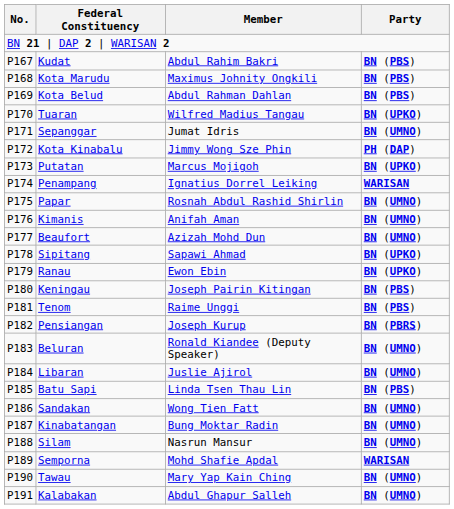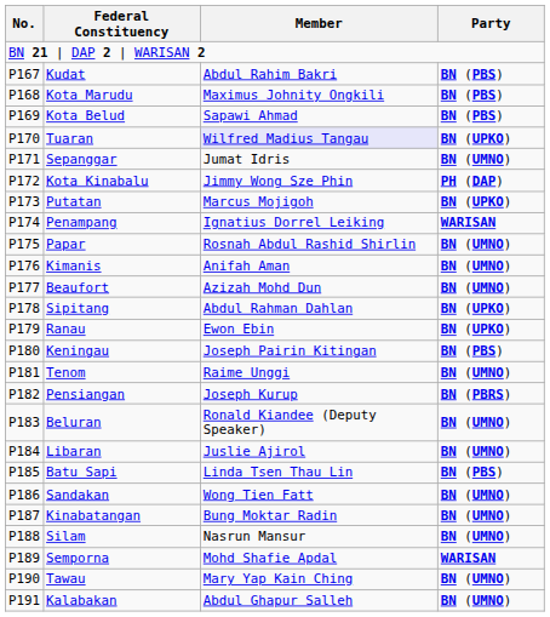 <table class ="wikitable sortable">
 <tr>
 <th style="width:30px;">No.</th>
 <th style="width:150px;">Federal Constituency</th>
 <th style="width:230px;">Member</th>
 <th style="width:100px;">Party</th>
 </tr>
 <tr>
 <td colspan="4"><a href='#'>BN</a> <strong>21</strong> | <a href='#'>DAP</a> <strong>2</strong> | <a href='#'>WARISAN</a> <strong>2</strong></td>
 </tr>
 <tr>
 <td>P167</td>
 <td><a href='#'>Kudat</a></td>
 <td><a href='#'>Abdul Rahim Bakri</a></td>
 <td><strong><a href='#'>BN</a></strong> (<strong><a href='#'>PBS</a></strong>)</td>
 </tr>
 <tr>
 <td>P168</td>
 <td><a href='#'>Kota Marudu</a></td>
 <td><a href='#'>Maximus Johnity Ongkili</a></td>
 <td><strong><a href='#'>BN</a></strong> (<strong><a href='#'>PBS</a></strong>)</td>
 </tr>
 <tr>
 <td>P169</td>
 <td><a href='#'>Kota Belud</a></td>
-<td><a href='#'>Abdul Rahman Dahlan</a></td>
+<td><a href='#'>Sapawi Ahmad</a></td>
 <td><strong><a href='#'>BN</a></strong> (<strong><a href='#'>PBS</a></strong>)</td>
 </tr>
 <tr>
 <td>P170</td>
 <td><a href='#'>Tuaran</a></td>
-<td><a href='#'>Wilfred Madius Tangau</a></td>
+<td style="background: lavender;"><a href='#'>Wilfred Madius Tangau</a></td>
 <td><strong><a href='#'>BN</a></strong> (<strong><a href='#'>UPKO</a></strong>)</td>
 </tr>
 <tr>
 <td>P171</td>
 <td><a href='#'>Sepanggar</a></td>
 <td>Jumat Idris</td>
 <td><strong><a href='#'>BN</a></strong> (<strong><a href='#'>UMNO</a></strong>)</td>
 </tr>
 <tr>
 <td>P172</td>
 <td><a href='#'>Kota Kinabalu</a></td>
 <td><a href='#'>Jimmy Wong Sze Phin</a></td>
 <td><strong><a href='#'>PH</a></strong> (<strong><a href='#'>DAP</a></strong>)</td>
 </tr>
 <tr>
 <td>P173</td>
 <td><a href='#'>Putatan</a></td>
 <td><a href='#'>Marcus Mojigoh</a></td>
 <td><strong><a href='#'>BN</a></strong> (<strong><a href='#'>UPKO</a></strong>)</td>
 </tr>
 <tr>
 <td>P174</td>
 <td><a href='#'>Penampang</a></td>
 <td><a href='#'>Ignatius Dorrel Leiking</a></td>
 <td><strong><a href='#'>WARISAN</a></strong></td>
 </tr>
 <tr>
 <td>P175</td>
 <td><a href='#'>Papar</a></td>
 <td><a href='#'>Rosnah Abdul Rashid Shirlin</a></td>
 <td><strong><a href='#'>BN</a></strong> (<strong><a href='#'>UMNO</a></strong>)</td>
 </tr>
 <tr>
 <td>P176</td>
 <td><a href='#'>Kimanis</a></td>
 <td><a href='#'>Anifah Aman</a></td>
 <td><strong><a href='#'>BN</a></strong> (<strong><a href='#'>UMNO</a></strong>)</td>
 </tr>
 <tr>
 <td>P177</td>
 <td><a href='#'>Beaufort</a></td>
 <td><a href='#'>Azizah Mohd Dun</a></td>
 <td><strong><a href='#'>BN</a></strong> (<strong><a href='#'>UMNO</a></strong>)</td>
 </tr>
 <tr>
 <td>P178</td>
 <td><a href='#'>Sipitang</a></td>
-<td><a href='#'>Sapawi Ahmad</a></td>
+<td><a href='#'>Abdul Rahman Dahlan</a></td>
 <td><strong><a href='#'>BN</a></strong> (<strong><a href='#'>UPKO</a></strong>)</td>
 </tr>
 <tr>
 <td>P179</td>
 <td><a href='#'>Ranau</a></td>
 <td><a href='#'>Ewon Ebin</a></td>
 <td><strong><a href='#'>BN</a></strong> (<strong><a href='#'>UPKO</a></strong>)</td>
 </tr>
 <tr>
 <td>P180</td>
 <td><a href='#'>Keningau</a></td>
 <td><a href='#'>Joseph Pairin Kitingan</a></td>
 <td><strong><a href='#'>BN</a></strong> (<strong><a href='#'>PBS</a></strong>)</td>
 </tr>
 <tr>
 <td>P181</td>
 <td><a href='#'>Tenom</a></td>
 <td><a href='#'>Raime Unggi</a></td>
-<td><strong><a href='#'>BN</a></strong> (<strong><a href='#'>PBS</a></strong>)</td>
+<td><strong><a href='#'>BN</a></strong> (<strong><a href='#'>UMNO</a></strong>)</td>
 </tr>
 <tr>
 <td>P182</td>
 <td><a href='#'>Pensiangan</a></td>
 <td><a href='#'>Joseph Kurup</a></td>
 <td><strong><a href='#'>BN</a></strong> (<strong><a href='#'>PBRS</a></strong>)</td>
 </tr>
 <tr>
 <td>P183</td>
 <td><a href='#'>Beluran</a></td>
 <td><a href='#'>Ronald Kiandee</a> (Deputy Speaker)</td>
 <td><strong><a href='#'>BN</a></strong> (<strong><a href='#'>UMNO</a></strong>)</td>
 </tr>
 <tr>
 <td>P184</td>
 <td><a href='#'>Libaran</a></td>
 <td><a href='#'>Juslie Ajirol</a></td>
 <td><strong><a href='#'>BN</a></strong> (<strong><a href='#'>UMNO</a></strong>)</td>
 </tr>
 <tr>
 <td>P185</td>
 <td><a href='#'>Batu Sapi</a></td>
 <td><a href='#'>Linda Tsen Thau Lin</a></td>
 <td><strong><a href='#'>BN</a></strong> (<strong><a href='#'>PBS</a></strong>)</td>
 </tr>
 <tr>
 <td>P186</td>
 <td><a href='#'>Sandakan</a></td>
 <td><a href='#'>Wong Tien Fatt</a></td>
 <td><strong><a href='#'>BN</a></strong> (<strong><a href='#'>UMNO</a></strong>)</td>
 </tr>
 <tr>
 <td>P187</td>
 <td><a href='#'>Kinabatangan</a></td>
 <td><a href='#'>Bung Moktar Radin</a></td>
 <td><strong><a href='#'>BN</a></strong> (<strong><a href='#'>UMNO</a></strong>)</td>
 </tr>
 <tr>
 <td>P188</td>
 <td><a href='#'>Silam</a></td>
 <td>Nasrun Mansur</td>
 <td><strong><a href='#'>BN</a></strong> (<strong><a href='#'>UMNO</a></strong>)</td>
 </tr>
 <tr>
 <td>P189</td>
 <td><a href='#'>Semporna</a></td>
 <td><a href='#'>Mohd Shafie Apdal</a></td>
 <td><strong><a href='#'>WARISAN</a></strong></td>
 </tr>
 <tr>
 <td>P190</td>
 <td><a href='#'>Tawau</a></td>
 <td><a href='#'>Mary Yap Kain Ching</a></td>
 <td><strong><a href='#'>BN</a></strong> (<strong><a href='#'>UMNO</a></strong>)</td>
 </tr>
 <tr>
 <td>P191</td>
 <td><a href='#'>Kalabakan</a></td>
 <td><a href='#'>Abdul Ghapur Salleh</a></td>
 <td><strong><a href='#'>BN</a></strong> (<strong><a href='#'>UMNO</a></strong>)</td>
 </tr>
 </table>
